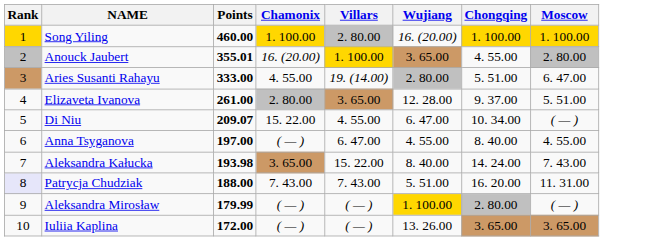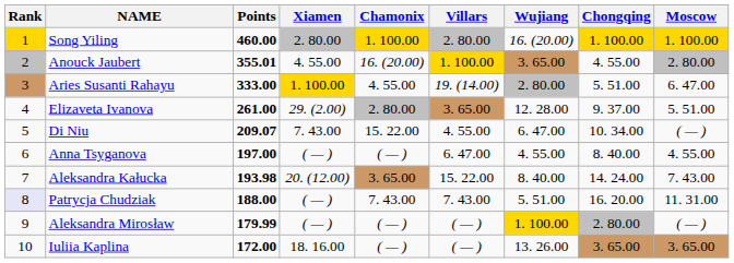 <table class="wikitable sortable" style="text-align: center;">
 <tr>
 <th>Rank</th>
 <th width = "200">NAME</th>
 <th>Points</th>
+<th width = "75" data-sort-type="number"><a href='#'>Xiamen</a></th>
 <th width = "75" data-sort-type="number"><a href='#'>Chamonix</a></th>
 <th width = "75" data-sort-type="number"><a href='#'>Villars</a></th>
 <th width = "75" data-sort-type="number"><a href='#'>Wujiang</a></th>
 <th width = "75" data-sort-type="number"><a href='#'>Chongqing</a></th>
 <th width = "75" data-sort-type="number"><a href='#'>Moscow</a></th>
 </tr>
 <tr>
 <td style="background: gold">1</td>
 <td align="left"> <a href='#'>Song Yiling</a></td>
 <td><strong>460.00</strong></td>
+<td style="background: silver">2. 80.00</td>
 <td style="background: gold">1. 100.00</td>
 <td style="background: silver">2. 80.00</td>
 <td><em>16. (20.00)</em></td>
 <td style="background: gold">1. 100.00</td>
 <td style="background: gold">1. 100.00</td>
 </tr>
 <tr>
 <td style="background: silver">2</td>
 <td align="left"> <a href='#'>Anouck Jaubert</a></td>
 <td><strong>355.01</strong></td>
+<td>4. 55.00</td>
 <td><em>16. (20.00)</em></td>
 <td style="background: gold">1. 100.00</td>
 <td style="background: #cc9966">3. 65.00</td>
 <td>4. 55.00</td>
 <td style="background: silver">2. 80.00</td>
 </tr>
 <tr>
 <td style="background: #cc9966">3</td>
 <td align="left"> <a href='#'>Aries Susanti Rahayu</a></td>
 <td><strong>333.00</strong></td>
+<td style="background: gold">1. 100.00</td>
 <td>4. 55.00</td>
 <td><em>19. (14.00)</em></td>
 <td style="background: silver">2. 80.00</td>
 <td>5. 51.00</td>
 <td>6. 47.00</td>
 </tr>
 <tr>
 <td>4</td>
 <td align="left"> <a href='#'>Elizaveta Ivanova</a></td>
 <td><strong>261.00</strong></td>
+<td><em>29. (2.00)</em></td>
 <td style="background: silver">2. 80.00</td>
 <td style="background: #cc9966">3. 65.00</td>
 <td>12. 28.00</td>
 <td>9. 37.00</td>
 <td>5. 51.00</td>
 </tr>
 <tr>
 <td>5</td>
 <td align="left"> <a href='#'>Di Niu</a></td>
 <td><strong>209.07</strong></td>
+<td>7. 43.00</td>
 <td>15. 22.00</td>
 <td>4. 55.00</td>
 <td>6. 47.00</td>
 <td>10. 34.00</td>
 <td><em>( — )</em></td>
 </tr>
 <tr>
 <td>6</td>
 <td align="left"> <a href='#'>Anna Tsyganova</a></td>
 <td><strong>197.00</strong></td>
 <td><em>( — )</em></td>
+<td><em>( — )</em></td>
 <td>6. 47.00</td>
 <td>4. 55.00</td>
 <td>8. 40.00</td>
 <td>4. 55.00</td>
 </tr>
 <tr>
 <td>7</td>
 <td align="left"> <a href='#'>Aleksandra Kałucka</a></td>
 <td><strong>193.98</strong></td>
+<td><em>20. (12.00)</em></td>
 <td style="background: #cc9966">3. 65.00</td>
 <td>15. 22.00</td>
 <td>8. 40.00</td>
 <td>14. 24.00</td>
 <td>7. 43.00</td>
 </tr>
 <tr>
 <td style="background: lavender;">8</td>
 <td align="left"> <a href='#'>Patrycja Chudziak</a></td>
 <td><strong>188.00</strong></td>
+<td><em>( — )</em></td>
 <td>7. 43.00</td>
 <td>7. 43.00</td>
 <td>5. 51.00</td>
 <td>16. 20.00</td>
 <td>11. 31.00</td>
 </tr>
 <tr>
 <td>9</td>
 <td align="left"> <a href='#'>Aleksandra Mirosław</a></td>
 <td><strong>179.99</strong></td>
 <td><em>( — )</em></td>
 <td><em>( — )</em></td>
+<td><em>( — )</em></td>
 <td style="background: gold">1. 100.00</td>
 <td style="background: silver">2. 80.00</td>
 <td><em>( — )</em></td>
 </tr>
 <tr>
 <td>10</td>
 <td align="left"> <a href='#'>Iuliia Kaplina</a></td>
 <td><strong>172.00</strong></td>
+<td>18. 16.00</td>
 <td><em>( — )</em></td>
 <td><em>( — )</em></td>
 <td>13. 26.00</td>
 <td style="background: #cc9966">3. 65.00</td>
 <td style="background: #cc9966">3. 65.00</td>
 </tr>
 </table>
